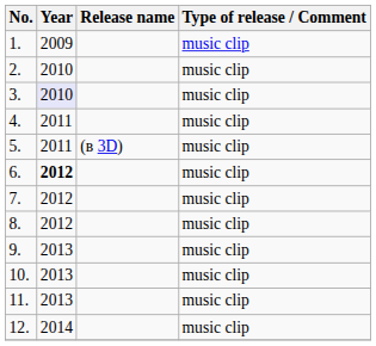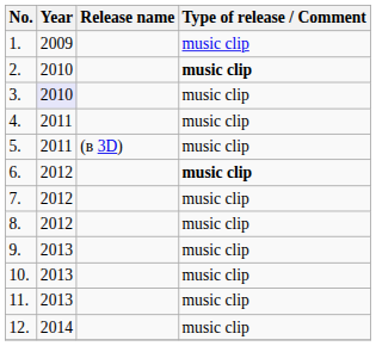 <table class="wikitable sortable">
 <tr>
 <th class="unsortable">No.</th>
 <th>Year</th>
 <th class="unsortable">Release name</th>
 <th>Type of release / Comment</th>
 </tr>
 <tr>
 <td>1.</td>
 <td>2009</td>
 <td></td>
 <td><a href='#'>music clip</a></td>
 </tr>
 <tr>
 <td>2.</td>
 <td>2010</td>
 <td></td>
-<td>music clip</td>
+<td><strong>music clip</strong></td>
 </tr>
 <tr>
 <td>3.</td>
 <td style="background: lavender;">2010</td>
 <td></td>
 <td>music clip</td>
 </tr>
 <tr>
 <td>4.</td>
 <td>2011</td>
 <td></td>
 <td>music clip</td>
 </tr>
 <tr>
 <td>5.</td>
 <td>2011</td>
 <td> (в <a href='#'>3D</a>)</td>
 <td>music clip</td>
 </tr>
 <tr>
 <td>6.</td>
-<td><strong>2012</strong></td>
+<td>2012</td>
 <td></td>
-<td>music clip</td>
+<td><strong>music clip</strong></td>
 </tr>
 <tr>
 <td>7.</td>
 <td>2012</td>
 <td></td>
 <td>music clip</td>
 </tr>
 <tr>
 <td>8.</td>
 <td>2012</td>
 <td></td>
 <td>music clip</td>
 </tr>
 <tr>
 <td>9.</td>
 <td>2013</td>
 <td></td>
 <td>music clip</td>
 </tr>
 <tr>
 <td>10.</td>
 <td>2013</td>
 <td></td>
 <td>music clip</td>
 </tr>
 <tr>
 <td>11.</td>
 <td>2013</td>
 <td></td>
 <td>music clip</td>
 </tr>
 <tr>
 <td>12.</td>
 <td>2014</td>
 <td></td>
 <td>music clip</td>
 </tr>
 <tr>
 </tr>
 </table>
